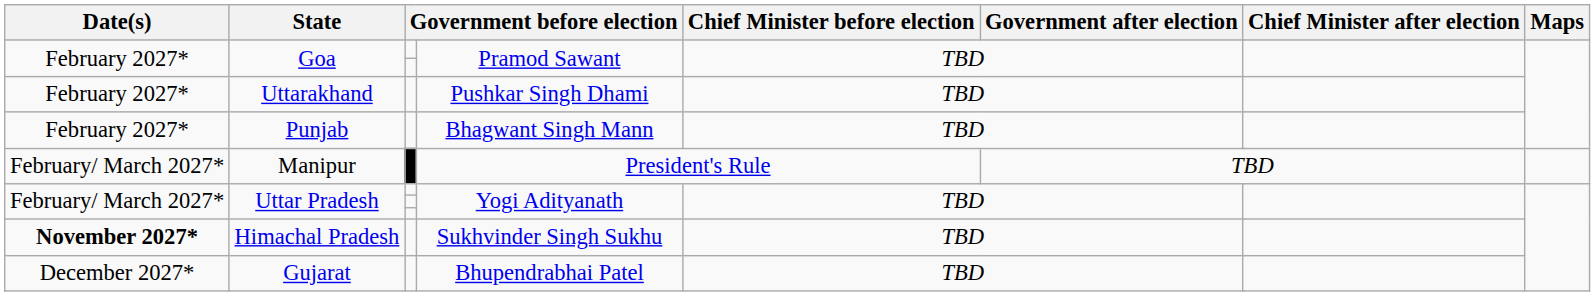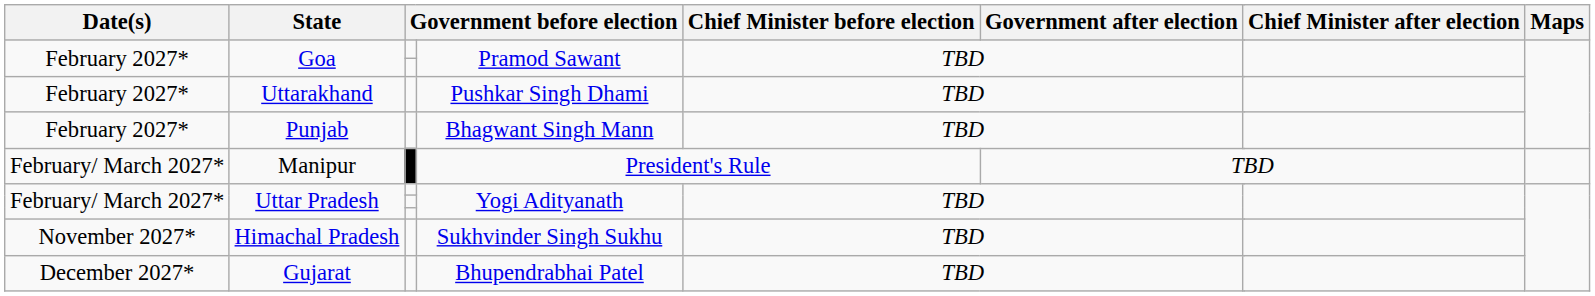 <table class="wikitable sortable" style="text-align:center;">
 <tr>
 <th>Date(s)</th>
 <th>State</th>
 <th colspan="2">Government before election</th>
 <th>Chief Minister before election</th>
 <th colspan="2">Government after election</th>
 <th>Chief Minister after election</th>
 <th>Maps</th>
 </tr>
 <tr>
 <td rowspan="2">February 2027*</td>
 <td rowspan="2"><a href='#'>Goa</a></td>
 <td></td>
 <td rowspan="2"><a href='#'>Pramod Sawant</a></td>
 <td colspan="3" rowspan="2"><em>TBD</em></td>
 <td rowspan="2"></td>
 </tr>
 <tr>
 <td></td>
 </tr>
 <tr>
 <td>February 2027*</td>
 <td><a href='#'>Uttarakhand</a></td>
 <td></td>
 <td><a href='#'>Pushkar Singh Dhami</a></td>
 <td colspan="3"><em>TBD</em></td>
 <td></td>
 </tr>
 <tr>
 <td>February 2027*</td>
 <td><a href='#'>Punjab</a></td>
 <td></td>
 <td><a href='#'>Bhagwant Singh Mann</a></td>
 <td colspan="3"><em>TBD</em></td>
 <td></td>
 </tr>
 <tr style="text-align:center;">
 <td>February/ March 2027*</td>
 <td>Manipur</td>
 <td bgcolor="#000000"></td>
 <td colspan="2" align="center"><a href='#'>President's Rule</a></td>
 <td colspan="3"><em>TBD</em></td>
 <td></td>
 </tr>
 <tr style="text-align:center;">
 <td rowspan="3">February/ March 2027*</td>
 <td rowspan="3"><a href='#'>Uttar Pradesh</a></td>
 <td></td>
 <td rowspan="3"><a href='#'>Yogi Adityanath</a></td>
 <td colspan="3" rowspan="3"><em>TBD</em></td>
 <td rowspan="3"></td>
 </tr>
 <tr style="text-align:center;">
 <td></td>
 </tr>
 <tr>
 <td></td>
 </tr>
 <tr>
-<td><strong>November 2027*</strong></td>
+<td>November 2027*</td>
 <td><a href='#'>Himachal Pradesh</a></td>
 <td></td>
 <td><a href='#'>Sukhvinder Singh Sukhu</a></td>
 <td colspan="3"><em>TBD</em></td>
 <td></td>
 </tr>
 <tr>
 <td>December 2027*</td>
 <td><a href='#'>Gujarat</a></td>
 <td></td>
 <td><a href='#'>Bhupendrabhai Patel</a></td>
 <td colspan="3"><em>TBD</em></td>
 <td></td>
 </tr>
 </table>
